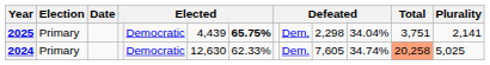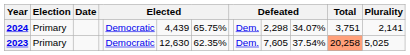 <table class="wikitable">
 <tr>
 <th>Year</th>
 <th>Election</th>
 <th>Date</th>
 <th colspan="4">Elected</th>
 <th colspan="4">Defeated</th>
 <th>Total</th>
 <th>Plurality</th>
 </tr>
 <tr>
-<th valign="top"><a href='#'>2025</a><br></th>
+<th valign="top"><a href='#'>2024</a><br></th>
 <td valign="top">Primary</td>
 <td valign="top"></td>
 <td valign="top"></td>
 <td valign="top" ><a href='#'>Democratic</a></td>
 <td align="right" valign="top">4,439</td>
-<td align="right" valign="top"><strong>65.75%</strong></td>
+<td align="right" valign="top">65.75%</td>
 <td valign="top"></td>
 <td valign="top" ><a href='#'>Dem.</a></td>
 <td align="right" valign="top">2,298</td>
-<td align="right" valign="top">34.04%</td>
+<td align="right" valign="top">34.07%</td>
 <td align="right" valign="top">3,751</td>
 <td align="right" valign="top">2,141</td>
 </tr>
 <tr>
-<th><a href='#'>2024</a></th>
+<th><a href='#'>2023</a></th>
 <td>Primary</td>
 <td></td>
 <td></td>
 <td valign="top" ><a href='#'>Democratic</a></td>
 <td>12,630</td>
-<td>62.33%</td>
+<td>62.35%</td>
 <td></td>
 <td valign="top" ><a href='#'>Dem.</a></td>
 <td>7,605</td>
-<td>34.74%</td>
+<td>37.54%</td>
 <td style="background: lightsalmon;">20,258</td>
 <td>5,025</td>
 </tr>
 </table>
